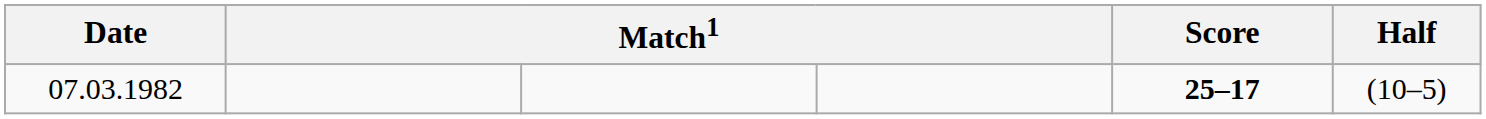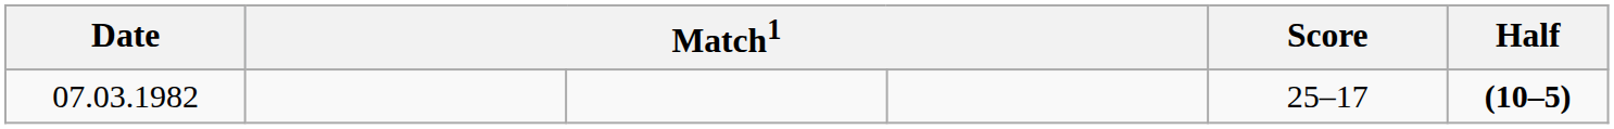 <table width=750 class="wikitable">
 <tr bgcolor="lightsteelblue">
 <th width=15%>Date</th>
 <th width=60% colspan=3>Match<sup>1</sup></th>
 <th width=15%>Score</th>
 <th>Half</th>
 </tr>
 <tr style=font-size:95%>
 <td align=center>07.03.1982</td>
 <td align=right></td>
 <td></td>
 <td></td>
-<td align=center><strong>25–17</strong></td>
-<td align=center>(10–5)</td>
+<td align=center>25–17</td>
+<td align=center><strong>(10–5)</strong></td>
 </tr>
 </table>
